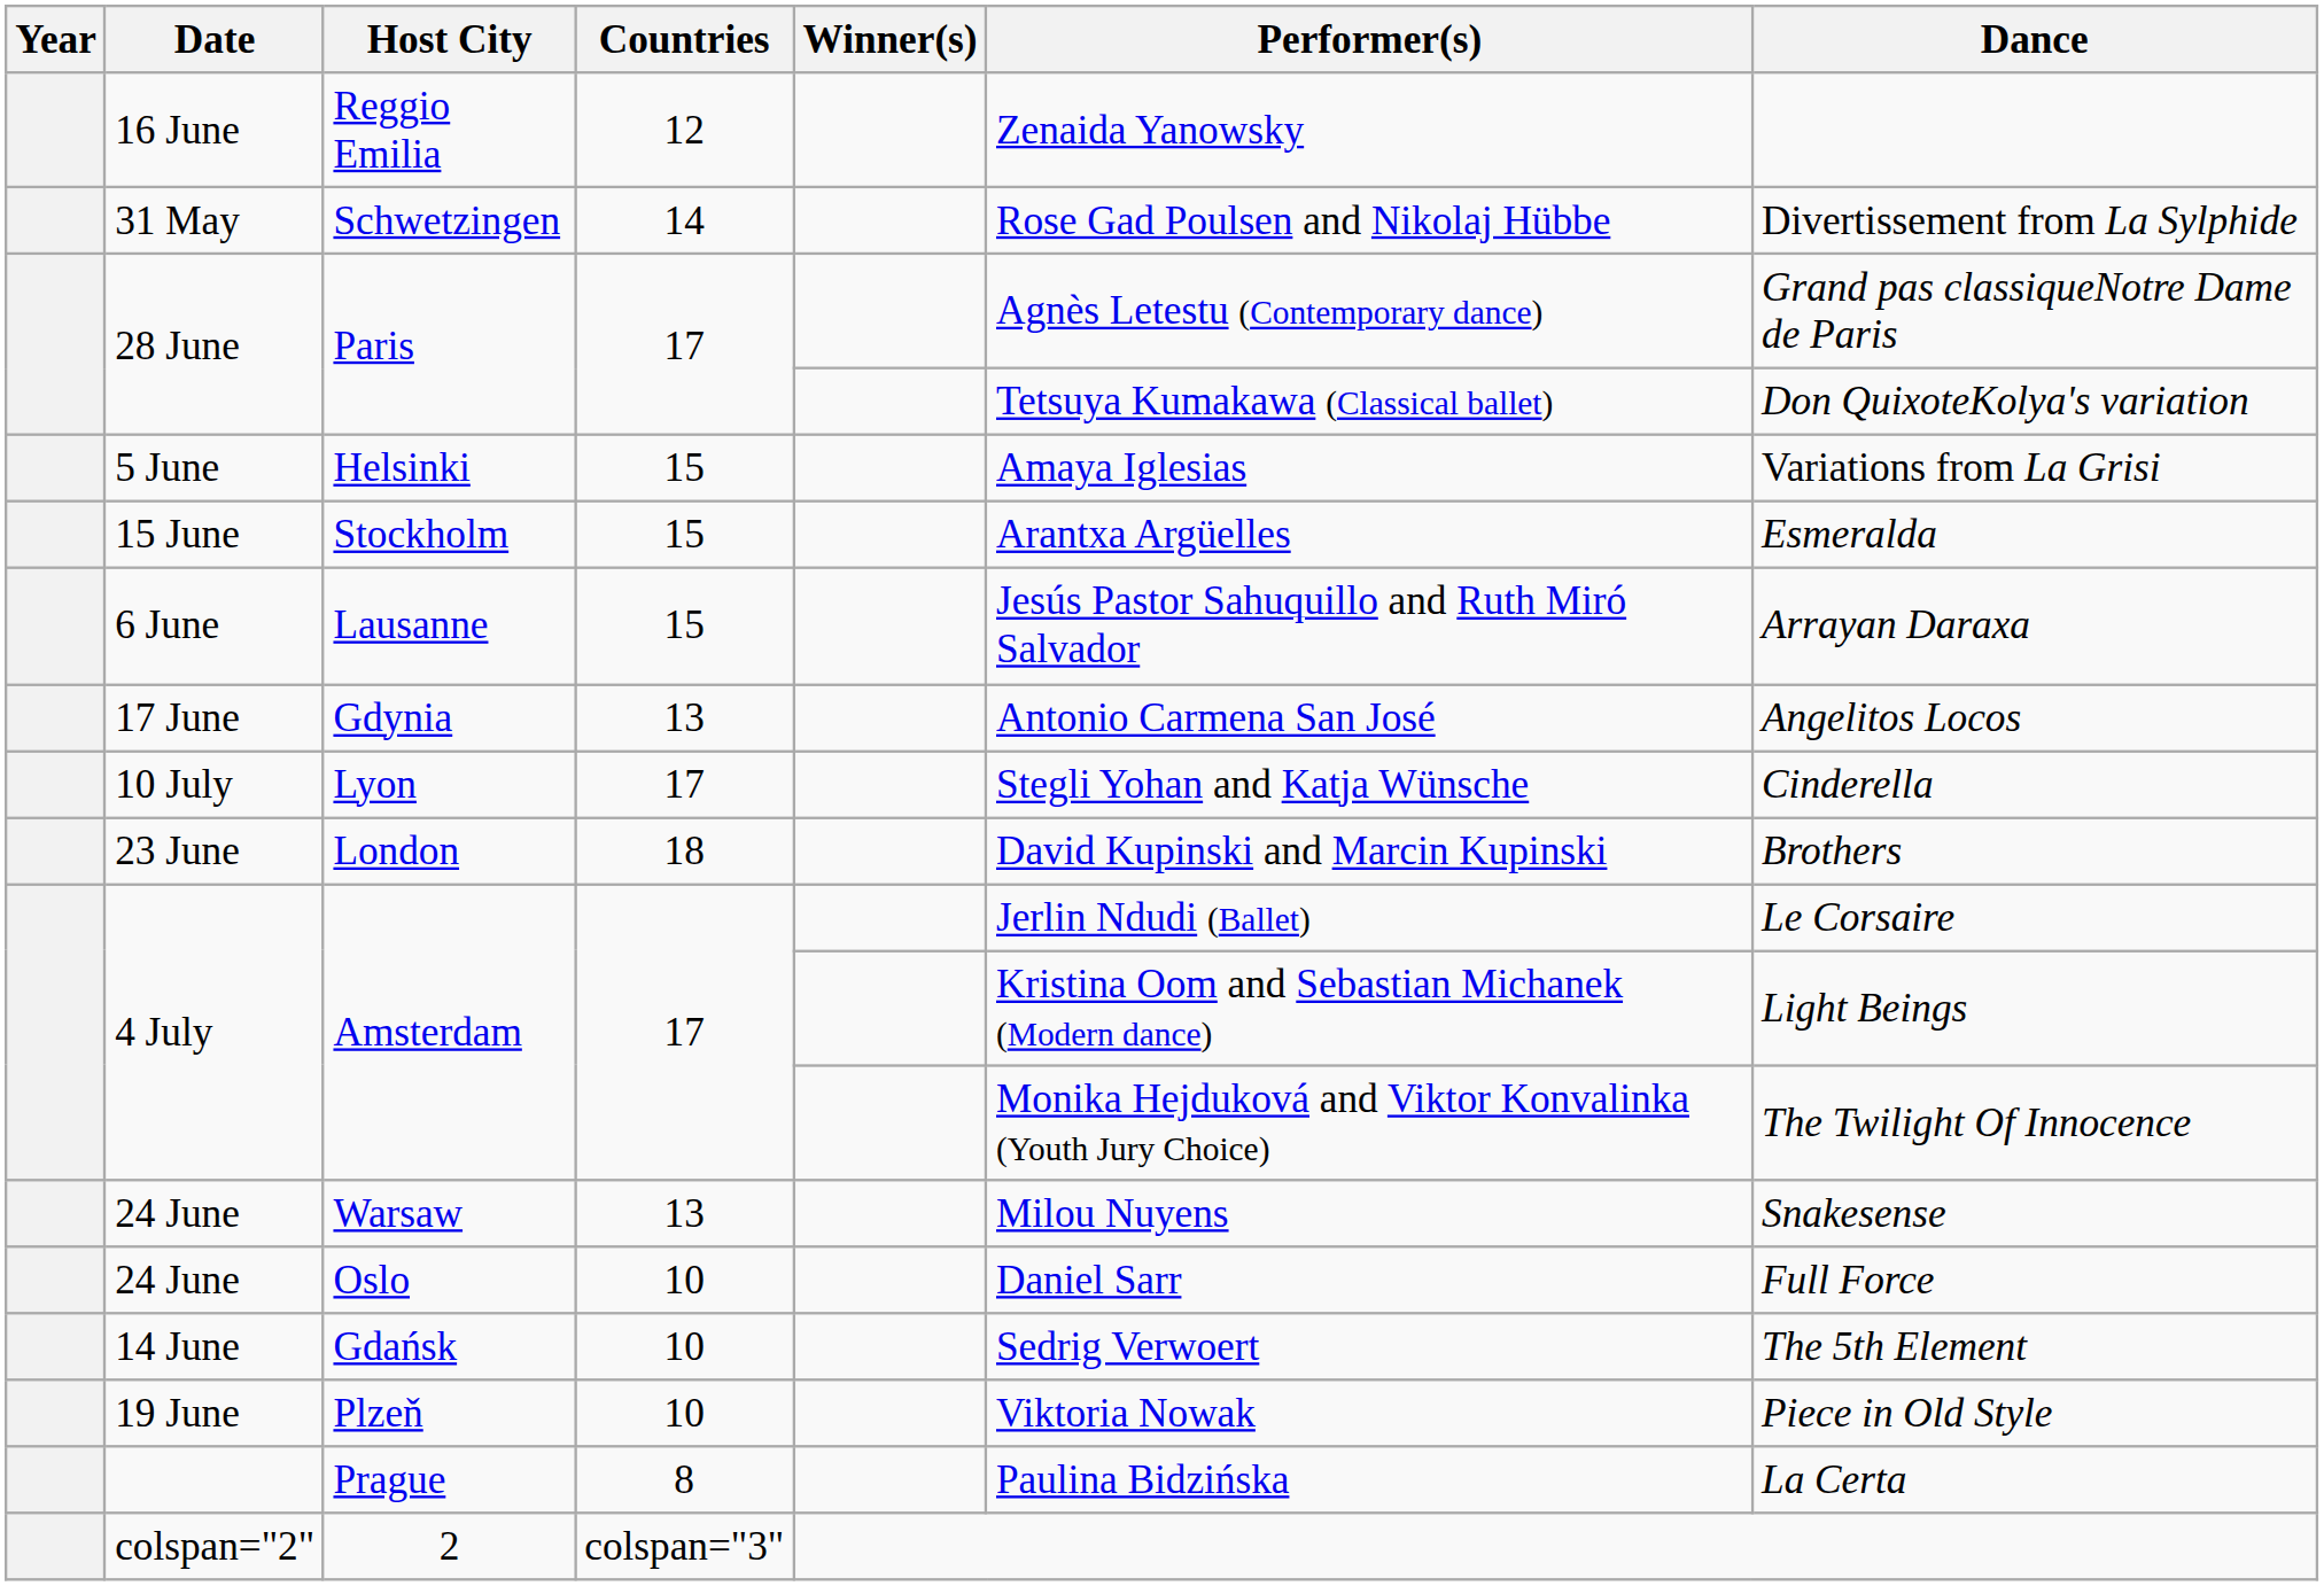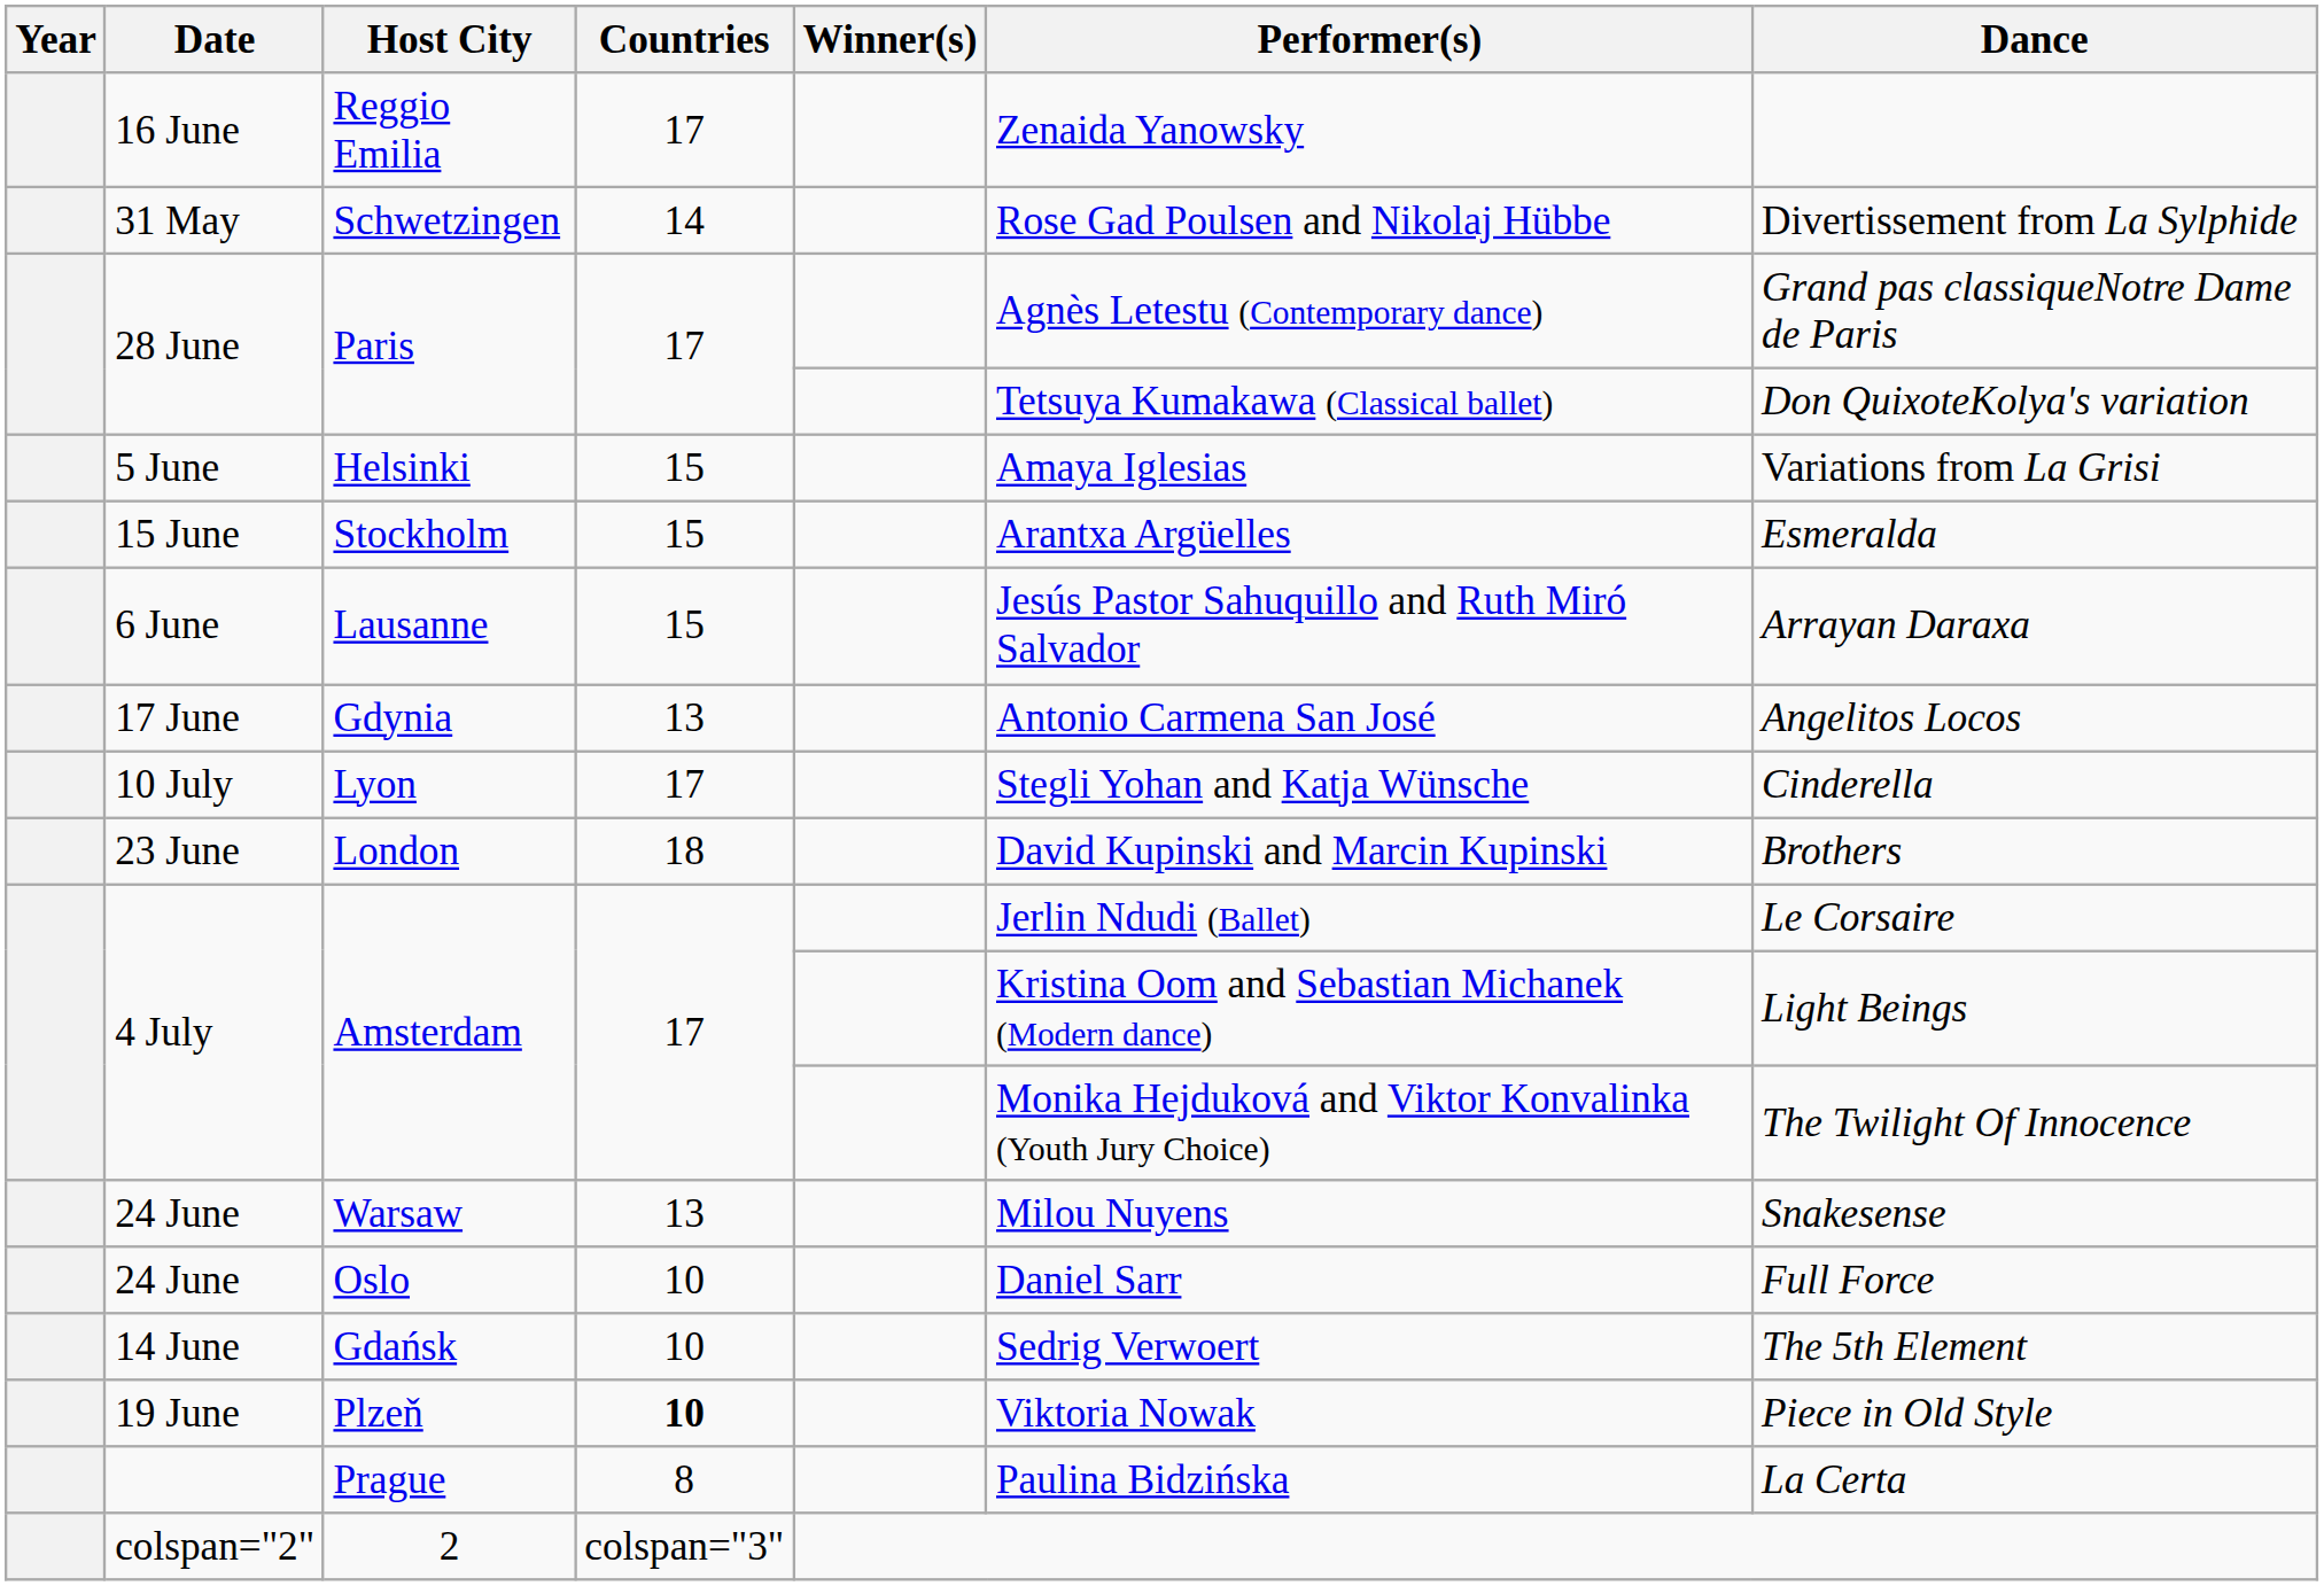 <table class="wikitable" style="font-size: 95%">
 <tr>
 <th>Year</th>
 <th>Date</th>
 <th>Host City</th>
 <th>Countries</th>
 <th>Winner(s)</th>
 <th>Performer(s)</th>
 <th>Dance</th>
 </tr>
 <tr>
 <th style="text-align:left" scope="row"></th>
 <td>16 June</td>
 <td> <a href='#'>Reggio Emilia</a></td>
-<td style="text-align:center;">12</td>
+<td style="text-align:center;">17</td>
 <td></td>
 <td><a href='#'>Zenaida Yanowsky</a></td>
 <td></td>
 </tr>
 <tr>
 <th style="text-align:left" scope="row"></th>
 <td>31 May</td>
 <td> <a href='#'>Schwetzingen</a></td>
 <td style="text-align:center;">14</td>
 <td></td>
 <td><a href='#'>Rose Gad Poulsen</a> and <a href='#'>Nikolaj Hübbe</a></td>
 <td>Divertissement from <em>La Sylphide</em></td>
 </tr>
 <tr>
 <th style="text-align:left" scope="row" rowspan="2"></th>
 <td rowspan="2">28 June</td>
 <td rowspan="2"> <a href='#'>Paris</a></td>
 <td style="text-align:center;" rowspan="2">17</td>
 <td></td>
 <td><a href='#'>Agnès Letestu</a> <small>(<a href='#'>Contemporary dance</a>)</small></td>
 <td><em>Grand pas classique</em><em>Notre Dame de Paris</em></td>
 </tr>
 <tr>
 <td></td>
 <td><a href='#'>Tetsuya Kumakawa</a> <small>(<a href='#'>Classical ballet</a>)</small></td>
 <td><em>Don Quixote</em><em>Kolya's variation</em></td>
 </tr>
 <tr>
 <th style="text-align:left" scope="row"></th>
 <td>5 June</td>
 <td> <a href='#'>Helsinki</a></td>
 <td style="text-align:center;">15</td>
 <td></td>
 <td><a href='#'>Amaya Iglesias</a></td>
 <td>Variations from <em>La Grisi</em></td>
 </tr>
 <tr>
 <th style="text-align:left" scope="row"></th>
 <td>15 June</td>
 <td> <a href='#'>Stockholm</a></td>
 <td style="text-align:center;">15</td>
 <td></td>
 <td><a href='#'>Arantxa Argüelles</a></td>
 <td><em>Esmeralda</em></td>
 </tr>
 <tr>
 <th style="text-align:left" scope="row"></th>
 <td>6 June</td>
 <td> <a href='#'>Lausanne</a></td>
 <td style="text-align:center;">15</td>
 <td></td>
 <td><a href='#'>Jesús Pastor Sahuquillo</a> and <a href='#'>Ruth Miró Salvador</a></td>
 <td><em>Arrayan Daraxa</em></td>
 </tr>
 <tr>
 <th style="text-align:left" scope="row"></th>
 <td>17 June</td>
 <td> <a href='#'>Gdynia</a></td>
 <td style="text-align:center;">13</td>
 <td></td>
 <td><a href='#'>Antonio Carmena San José</a></td>
 <td><em>Angelitos Locos</em></td>
 </tr>
 <tr>
 <th style="text-align:left" scope="row"></th>
 <td>10 July</td>
 <td> <a href='#'>Lyon</a></td>
 <td style="text-align:center;">17</td>
 <td></td>
 <td><a href='#'>Stegli Yohan</a> and <a href='#'>Katja Wünsche</a></td>
 <td><em>Cinderella</em></td>
 </tr>
 <tr>
 <th style="text-align:left" scope="row"></th>
 <td>23 June</td>
 <td> <a href='#'>London</a></td>
 <td style="text-align:center;">18</td>
 <td></td>
 <td><a href='#'>David Kupinski</a> and <a href='#'>Marcin Kupinski</a></td>
 <td><em>Brothers</em></td>
 </tr>
 <tr>
 <th style="text-align:left" scope="row" rowspan="3"></th>
 <td rowspan="3">4 July</td>
 <td rowspan="3"> <a href='#'>Amsterdam</a></td>
 <td style="text-align:center;" rowspan="3">17</td>
 <td></td>
 <td><a href='#'>Jerlin Ndudi</a> <small>(<a href='#'>Ballet</a>)</small></td>
 <td><em>Le Corsaire</em></td>
 </tr>
 <tr>
 <td></td>
 <td><a href='#'>Kristina Oom</a> and <a href='#'>Sebastian Michanek</a> <small>(<a href='#'>Modern dance</a>)</small></td>
 <td><em>Light Beings</em></td>
 </tr>
 <tr>
 <td></td>
 <td><a href='#'>Monika Hejduková</a> and <a href='#'>Viktor Konvalinka</a> <small>(Youth Jury Choice)</small></td>
 <td><em>The Twilight Of Innocence</em></td>
 </tr>
 <tr>
 <th style="text-align:left" scope="row"></th>
 <td>24 June</td>
 <td> <a href='#'>Warsaw</a></td>
 <td style="text-align:center;">13</td>
 <td></td>
 <td><a href='#'>Milou Nuyens</a></td>
 <td><em>Snakesense</em></td>
 </tr>
 <tr>
 <th style="text-align:left" scope="row"></th>
 <td>24 June</td>
 <td> <a href='#'>Oslo</a></td>
 <td style="text-align:center;">10</td>
 <td></td>
 <td><a href='#'>Daniel Sarr</a></td>
 <td><em>Full Force</em></td>
 </tr>
 <tr>
 <th style="text-align:left" scope="row"></th>
 <td>14 June</td>
 <td> <a href='#'>Gdańsk</a></td>
 <td style="text-align:center;">10</td>
 <td></td>
 <td><a href='#'>Sedrig Verwoert</a></td>
 <td><em>The 5th Element</em></td>
 </tr>
 <tr>
 <th style="text-align:left" scope="row"></th>
 <td>19 June</td>
 <td> <a href='#'>Plzeň</a></td>
-<td style="text-align:center;">10</td>
+<td style="text-align:center;"><strong>10</strong></td>
 <td></td>
 <td><a href='#'>Viktoria Nowak</a></td>
 <td><em>Piece in Old Style</em></td>
 </tr>
 <tr>
 <th style="text-align:left" scope="row"></th>
 <td></td>
 <td> <a href='#'>Prague</a></td>
 <td style="text-align:center;">8</td>
 <td></td>
 <td><a href='#'>Paulina Bidzińska</a></td>
 <td><em>La Certa</em></td>
 </tr>
 <tr>
 <th style="text-align:left" scope="row"></th>
 <td>colspan="2" </td>
 <td style="text-align:center;">2</td>
 <td>colspan="3" </td>
 </tr>
 </table>
